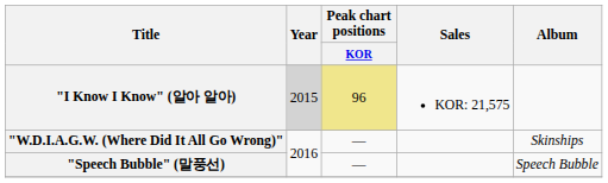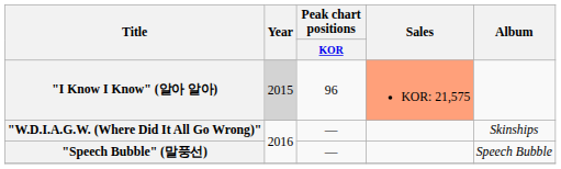 <table class="wikitable plainrowheaders" style="text-align:center;">
 <tr>
 <th scope="col" rowspan="2">Title</th>
 <th scope="col" rowspan="2">Year</th>
 <th scope="col" colspan="1" style="width:5em;">Peak chart positions</th>
 <th scope="col" rowspan="2">Sales</th>
 <th scope="col" rowspan="2">Album</th>
 </tr>
 <tr>
 <th><small><a href='#'>KOR</a></small><br></th>
 </tr>
 <tr>
 <th scope="row">"I Know I Know" (알아 알아)<br></th>
 <td style="background: lightgrey;">2015</td>
-<td style="background: khaki;">96</td>
-<td><br><ul><li>KOR: 21,575</li></ul></td>
+<td>96</td>
+<td style="background: lightsalmon;"><br><ul><li>KOR: 21,575</li></ul></td>
 <td></td>
 </tr>
 <tr>
 <th scope="row">"W.D.I.A.G.W. (Where Did It All Go Wrong)"</th>
 <td rowspan="2">2016</td>
 <td>—</td>
 <td></td>
 <td><em>Skinships</em></td>
 </tr>
 <tr>
 <th scope="row">"Speech Bubble" (말풍선)</th>
 <td>—</td>
 <td></td>
 <td><em>Speech Bubble</em></td>
 </tr>
 <tr>
 </tr>
 </table>
